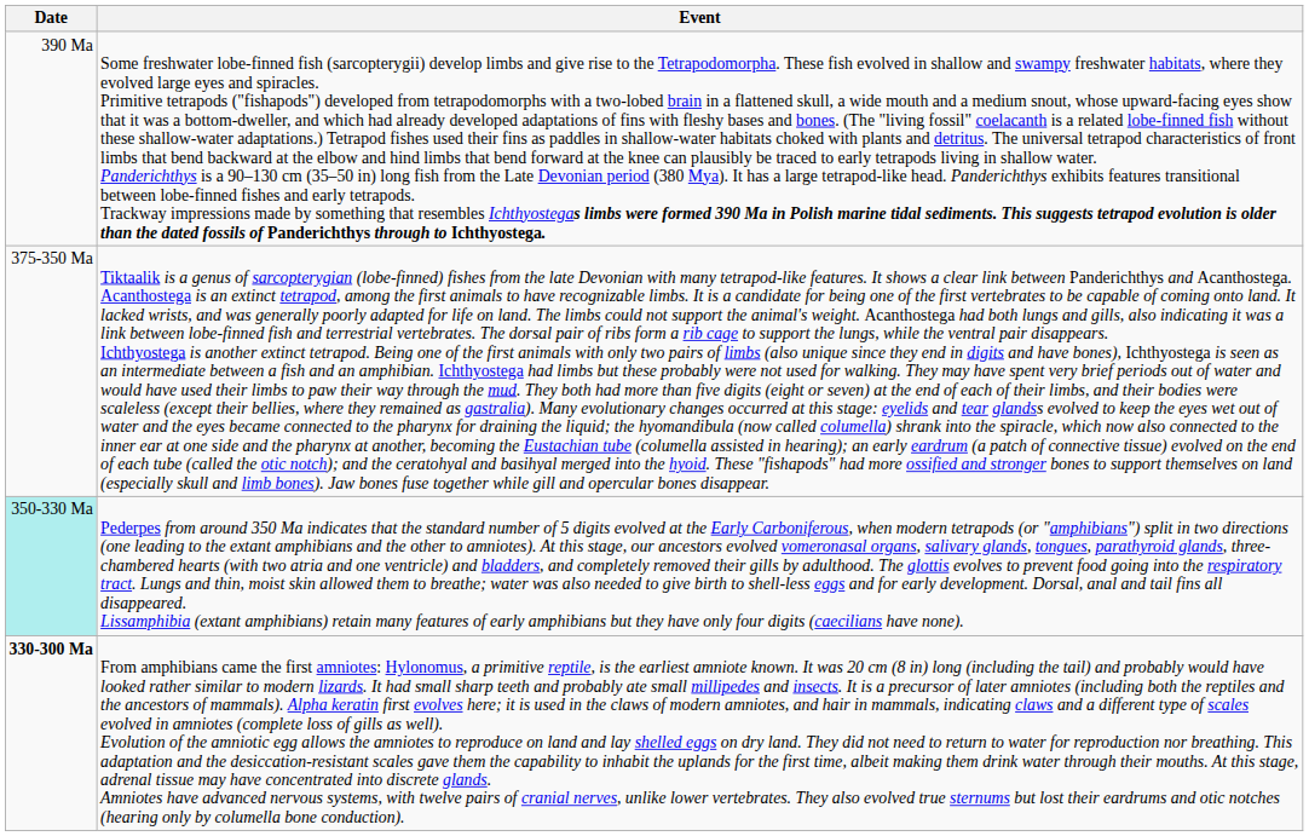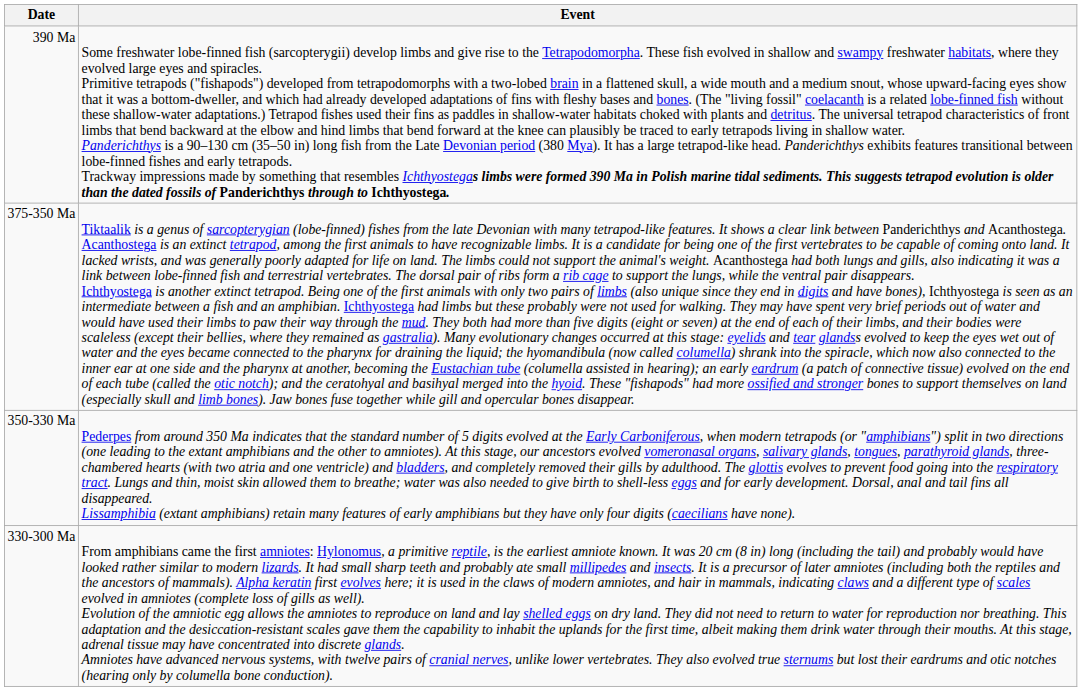 <table class="wikitable">
 <tr>
 <th scope="col">Date</th>
 <th scope="col">Event</th>
 </tr>
 <tr>
 <td style="vertical-align: top; text-align: right; white-space: nowrap;">390 Ma</td>
 <td><br>Some freshwater lobe-finned fish (sarcopterygii) develop limbs and give rise to the <a href='#'>Tetrapodomorpha</a>. These fish evolved in shallow and <a href='#'>swampy</a> freshwater <a href='#'>habitats</a>, where they evolved large eyes and spiracles.<br>Primitive tetrapods ("fishapods") developed from tetrapodomorphs with a two-lobed <a href='#'>brain</a> in a flattened skull, a wide mouth and a medium snout, whose upward-facing eyes show that it was a bottom-dweller, and which had already developed adaptations of fins with fleshy bases and <a href='#'>bones</a>. (The "living fossil" <a href='#'>coelacanth</a> is a related <a href='#'>lobe-finned fish</a> without these shallow-water adaptations.) Tetrapod fishes used their fins as paddles in shallow-water habitats choked with plants and <a href='#'>detritus</a>. The universal tetrapod characteristics of front limbs that bend backward at the elbow and hind limbs that bend forward at the knee can plausibly be traced to early tetrapods living in shallow water.<br><em><a href='#'>Panderichthys</a></em> is a 90–130 cm (35–50 in) long fish from the Late <a href='#'>Devonian period</a> (380 <a href='#'>Mya</a>). It has a large tetrapod-like head. <em>Panderichthys</em> exhibits features transitional between lobe-finned fishes and early tetrapods.<br>Trackway impressions made by something that resembles <em><a href='#'>Ichthyostega</a><strong>s limbs were formed 390 Ma  in Polish marine tidal sediments.  This suggests tetrapod evolution is older than the dated fossils of </em>Panderichthys<em> through to </em>Ichthyostega<em>.</td>
 </tr>
 <tr>
 <td style="vertical-align: top; text-align: right; white-space: nowrap;">375-350 Ma</td>
 <td><br></em><a href='#'>Tiktaalik</a><em> is a genus of <a href='#'>sarcopterygian</a> (lobe-finned) fishes from the late Devonian with many tetrapod-like features.  It shows a clear link between </em>Panderichthys<em> and </em>Acanthostega<em>.<br>  </em><a href='#'>Acanthostega</a><em> is an extinct <a href='#'>tetrapod</a>, among the first animals to have recognizable limbs. It is a candidate for being one of the first vertebrates to be capable of coming onto land. It lacked wrists, and was generally poorly adapted for life on land. The limbs could not support the animal's weight. </em>Acanthostega<em> had both lungs and gills, also indicating it was a link between lobe-finned fish and terrestrial vertebrates. The dorsal pair of ribs form a <a href='#'>rib cage</a> to support the lungs, while the ventral pair disappears.<br></em><a href='#'>Ichthyostega</a><em> is another extinct tetrapod. Being one of the first animals with only two pairs of <a href='#'>limbs</a> (also unique since they end in <a href='#'>digits</a> and have bones), </em>Ichthyostega<em> is seen as an intermediate between a fish and an amphibian. </em><a href='#'>Ichthyostega</a><em> had limbs but these probably were not used for walking. They may have spent very brief periods out of water and would have used their limbs to paw their way through the <a href='#'>mud</a>. They both had more than five digits (eight or seven) at the end of each of their limbs, and their bodies were scaleless (except their bellies, where they remained as <a href='#'>gastralia</a>). Many evolutionary changes occurred at this stage: <a href='#'>eyelids</a> and <a href='#'>tear</a> <a href='#'>glands</a>s evolved to keep the eyes wet out of water and the eyes became connected to the pharynx for draining the liquid; the hyomandibula (now called <a href='#'>columella</a>) shrank into the spiracle, which now also connected to the inner ear at one side and the pharynx at another, becoming the <a href='#'>Eustachian tube</a> (columella assisted in hearing); an early <a href='#'>eardrum</a> (a patch of connective tissue) evolved on the end of each tube (called the <a href='#'>otic notch</a>); and the ceratohyal and basihyal merged into the <a href='#'>hyoid</a>. These "fishapods" had more <a href='#'>ossified and stronger</a> bones to support themselves on land (especially skull and <a href='#'>limb bones</a>). Jaw bones fuse together while gill and opercular bones disappear.</td>
 </tr>
 <tr>
-<td style="background: paleturquoise; vertical-align: top; text-align: right; white-space: nowrap;">350-330 Ma</td>
+<td style="vertical-align: top; text-align: right; white-space: nowrap;">350-330 Ma</td>
 <td><br></em><a href='#'>Pederpes</a><em> from around 350 Ma indicates that the standard number of 5 digits evolved at the <a href='#'>Early Carboniferous</a>, when modern tetrapods (or "<a href='#'>amphibians</a>") split in two directions (one leading to the extant amphibians and the other to amniotes). At this stage, our ancestors evolved <a href='#'>vomeronasal organs</a>, <a href='#'>salivary glands</a>, <a href='#'>tongues</a>, <a href='#'>parathyroid glands</a>, three-chambered hearts (with two atria and one ventricle) and <a href='#'>bladders</a>, and completely removed their gills by adulthood. The <a href='#'>glottis</a> evolves to prevent food going into the <a href='#'>respiratory tract</a>. Lungs and thin, moist skin allowed them to breathe; water was also needed to give birth to shell-less <a href='#'>eggs</a> and for early development. Dorsal, anal and tail fins all disappeared.<br><a href='#'>Lissamphibia</a> (extant amphibians) retain many features of early amphibians but they have only four digits (<a href='#'>caecilians</a> have none).</td>
 </tr>
 <tr>
-<td style="vertical-align: top; text-align: right; white-space: nowrap;"><strong>330-300 Ma</strong></td>
+<td style="vertical-align: top; text-align: right; white-space: nowrap;">330-300 Ma</td>
 <td><br>From amphibians came the first <a href='#'>amniotes</a>: </em><a href='#'>Hylonomus</a><em>, a primitive <a href='#'>reptile</a>, is the earliest amniote known. It was 20 cm (8 in) long (including the tail) and probably would have looked rather similar to modern <a href='#'>lizards</a>. It had small sharp teeth and probably ate small <a href='#'>millipedes</a> and <a href='#'>insects</a>. It is a precursor of later amniotes (including both the reptiles and the ancestors of mammals). <a href='#'>Alpha keratin</a> first <a href='#'>evolves</a> here; it is used in the claws of modern amniotes, and hair in mammals, indicating <a href='#'>claws</a> and a different type of <a href='#'>scales</a> evolved in amniotes (complete loss of gills as well).<br>Evolution of the amniotic egg allows the amniotes to reproduce on land and lay <a href='#'>shelled eggs</a> on dry land. They did not need to return to water for reproduction nor breathing. This adaptation and the desiccation-resistant scales gave them the capability to inhabit the uplands for the first time, albeit making them drink water through their mouths. At this stage, adrenal tissue may have concentrated into discrete <a href='#'>glands</a>.<br>Amniotes have advanced nervous systems, with twelve pairs of <a href='#'>cranial nerves</a>, unlike lower vertebrates. They also evolved true <a href='#'>sternums</a> but lost their eardrums and otic notches (hearing only by columella bone conduction).</td>
 </tr>
 </table>
